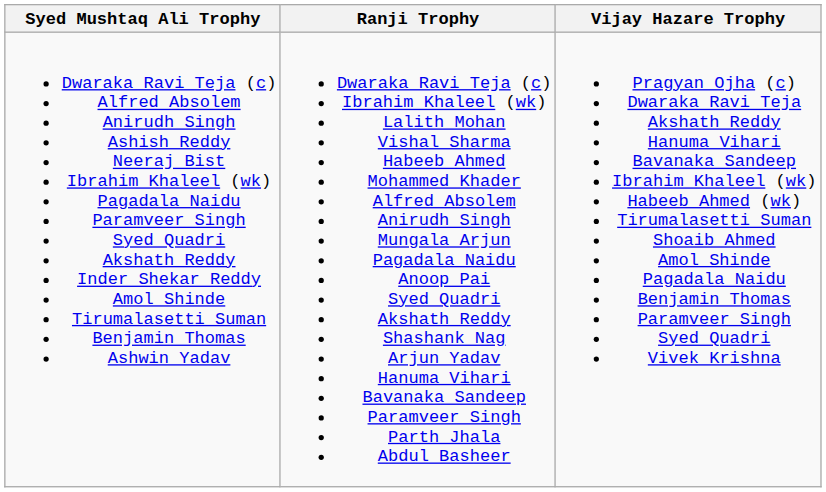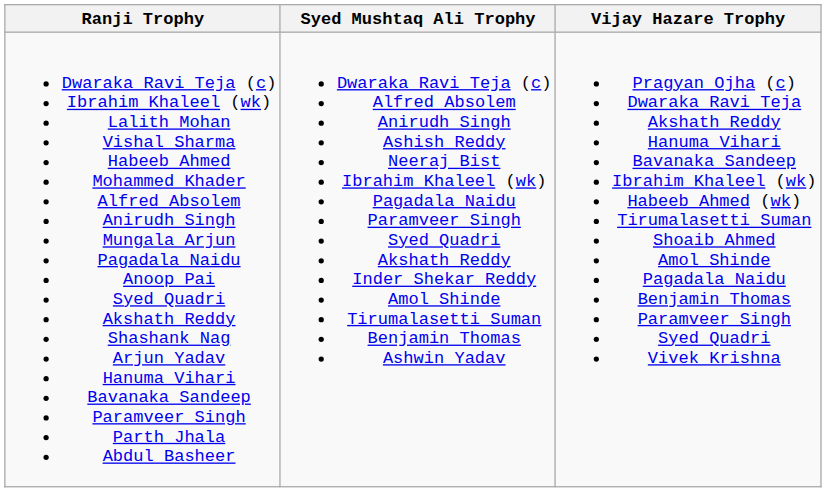 <table class="wikitable" style="text-align:center; margin:auto">
 <tr>
+<th>Ranji Trophy</th>
 <th>Syed Mushtaq Ali Trophy</th>
-<th>Ranji Trophy</th>
 <th>Vijay Hazare Trophy</th>
 </tr>
 <tr style="vertical-align:top">
+<td><br><ul><li><a href='#'>Dwaraka Ravi Teja</a> (<a href='#'>c</a>)</li><li><a href='#'>Ibrahim Khaleel</a> (<a href='#'>wk</a>)</li><li><a href='#'>Lalith Mohan</a></li><li><a href='#'>Vishal Sharma</a></li><li><a href='#'>Habeeb Ahmed</a></li><li><a href='#'>Mohammed Khader</a></li><li><a href='#'>Alfred Absolem</a></li><li><a href='#'>Anirudh Singh</a></li><li><a href='#'>Mungala Arjun</a></li><li><a href='#'>Pagadala Naidu</a></li><li><a href='#'>Anoop Pai</a></li><li><a href='#'>Syed Quadri</a></li><li><a href='#'>Akshath Reddy</a></li><li><a href='#'>Shashank Nag</a></li><li><a href='#'>Arjun Yadav</a></li><li><a href='#'>Hanuma Vihari</a></li><li><a href='#'>Bavanaka Sandeep</a></li><li><a href='#'>Paramveer Singh</a></li><li><a href='#'>Parth Jhala</a></li><li><a href='#'>Abdul Basheer</a></li></ul></td>
 <td><br><ul><li><a href='#'>Dwaraka Ravi Teja</a> (<a href='#'>c</a>)</li><li><a href='#'>Alfred Absolem</a></li><li><a href='#'>Anirudh Singh</a></li><li><a href='#'>Ashish Reddy</a></li><li><a href='#'>Neeraj Bist</a></li><li><a href='#'>Ibrahim Khaleel</a> (<a href='#'>wk</a>)</li><li><a href='#'>Pagadala Naidu</a></li><li><a href='#'>Paramveer Singh</a></li><li><a href='#'>Syed Quadri</a></li><li><a href='#'>Akshath Reddy</a></li><li><a href='#'>Inder Shekar Reddy</a></li><li><a href='#'>Amol Shinde</a></li><li><a href='#'>Tirumalasetti Suman</a></li><li><a href='#'>Benjamin Thomas</a></li><li><a href='#'>Ashwin Yadav</a></li></ul></td>
-<td><br><ul><li><a href='#'>Dwaraka Ravi Teja</a> (<a href='#'>c</a>)</li><li><a href='#'>Ibrahim Khaleel</a> (<a href='#'>wk</a>)</li><li><a href='#'>Lalith Mohan</a></li><li><a href='#'>Vishal Sharma</a></li><li><a href='#'>Habeeb Ahmed</a></li><li><a href='#'>Mohammed Khader</a></li><li><a href='#'>Alfred Absolem</a></li><li><a href='#'>Anirudh Singh</a></li><li><a href='#'>Mungala Arjun</a></li><li><a href='#'>Pagadala Naidu</a></li><li><a href='#'>Anoop Pai</a></li><li><a href='#'>Syed Quadri</a></li><li><a href='#'>Akshath Reddy</a></li><li><a href='#'>Shashank Nag</a></li><li><a href='#'>Arjun Yadav</a></li><li><a href='#'>Hanuma Vihari</a></li><li><a href='#'>Bavanaka Sandeep</a></li><li><a href='#'>Paramveer Singh</a></li><li><a href='#'>Parth Jhala</a></li><li><a href='#'>Abdul Basheer</a></li></ul></td>
 <td><br><ul><li><a href='#'>Pragyan Ojha</a> (<a href='#'>c</a>)</li><li><a href='#'>Dwaraka Ravi Teja</a></li><li><a href='#'>Akshath Reddy</a></li><li><a href='#'>Hanuma Vihari</a></li><li><a href='#'>Bavanaka Sandeep</a></li><li><a href='#'>Ibrahim Khaleel</a> (<a href='#'>wk</a>)</li><li><a href='#'>Habeeb Ahmed</a> (<a href='#'>wk</a>)</li><li><a href='#'>Tirumalasetti Suman</a></li><li><a href='#'>Shoaib Ahmed</a></li><li><a href='#'>Amol Shinde</a></li><li><a href='#'>Pagadala Naidu</a></li><li><a href='#'>Benjamin Thomas</a></li><li><a href='#'>Paramveer Singh</a></li><li><a href='#'>Syed Quadri</a></li><li><a href='#'>Vivek Krishna</a></li></ul></td>
 </tr>
 </table>
